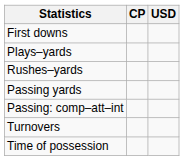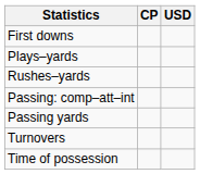 <table class="wikitable" style="float:left">
 <tr>
 <th>Statistics</th>
 <th>CP</th>
 <th>USD</th>
 </tr>
 <tr>
 <td>First downs</td>
 <td></td>
 <td></td>
 </tr>
 <tr>
 <td>Plays–yards</td>
 <td></td>
 <td></td>
 </tr>
 <tr>
 <td>Rushes–yards</td>
 <td></td>
 <td></td>
 </tr>
 <tr>
-<td>Passing yards</td>
+<td>Passing: comp–att–int</td>
 <td></td>
 <td></td>
 </tr>
 <tr>
-<td>Passing: comp–att–int</td>
+<td>Passing yards</td>
 <td></td>
 <td></td>
 </tr>
 <tr>
 <td>Turnovers</td>
 <td></td>
 <td></td>
 </tr>
 <tr>
 <td>Time of possession</td>
 <td></td>
 <td></td>
 </tr>
 </table>
